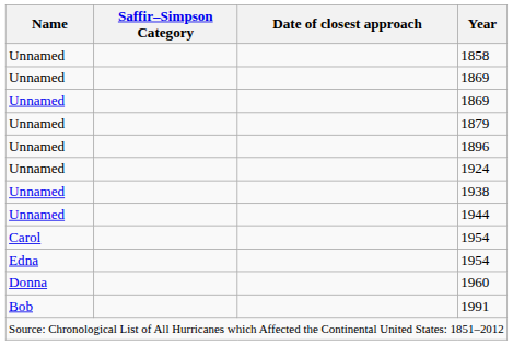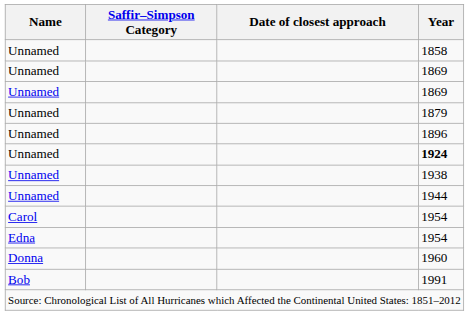 <table class = "wikitable" style="margin:1em auto;">
 <tr>
 <th>Name</th>
 <th><a href='#'>Saffir–Simpson</a><br>Category</th>
 <th>Date of closest approach</th>
 <th>Year</th>
 </tr>
 <tr>
 <td>Unnamed</td>
 <td></td>
 <td></td>
 <td>1858</td>
 </tr>
 <tr>
 <td>Unnamed</td>
 <td></td>
 <td></td>
 <td>1869</td>
 </tr>
 <tr>
 <td><a href='#'>Unnamed</a></td>
 <td></td>
 <td></td>
 <td>1869</td>
 </tr>
 <tr>
 <td>Unnamed</td>
 <td></td>
 <td></td>
 <td>1879</td>
 </tr>
 <tr>
 <td>Unnamed</td>
 <td></td>
 <td></td>
 <td>1896</td>
 </tr>
 <tr>
 <td>Unnamed</td>
 <td></td>
 <td></td>
-<td>1924</td>
+<td><strong>1924</strong></td>
 </tr>
 <tr>
 <td><a href='#'>Unnamed</a></td>
 <td></td>
 <td></td>
 <td>1938</td>
 </tr>
 <tr>
 <td><a href='#'>Unnamed</a></td>
 <td></td>
 <td></td>
 <td>1944</td>
 </tr>
 <tr>
 <td><a href='#'>Carol</a></td>
 <td></td>
 <td></td>
 <td>1954</td>
 </tr>
 <tr>
 <td><a href='#'>Edna</a></td>
 <td></td>
 <td></td>
 <td>1954</td>
 </tr>
 <tr>
 <td><a href='#'>Donna</a></td>
 <td></td>
 <td></td>
 <td>1960</td>
 </tr>
 <tr>
 <td><a href='#'>Bob</a></td>
 <td></td>
 <td></td>
 <td>1991</td>
 </tr>
 <tr>
 <td colspan="9"><small>Source: Chronological List of All Hurricanes which Affected the Continental United States: 1851–2012</small></td>
 </tr>
 </table>
